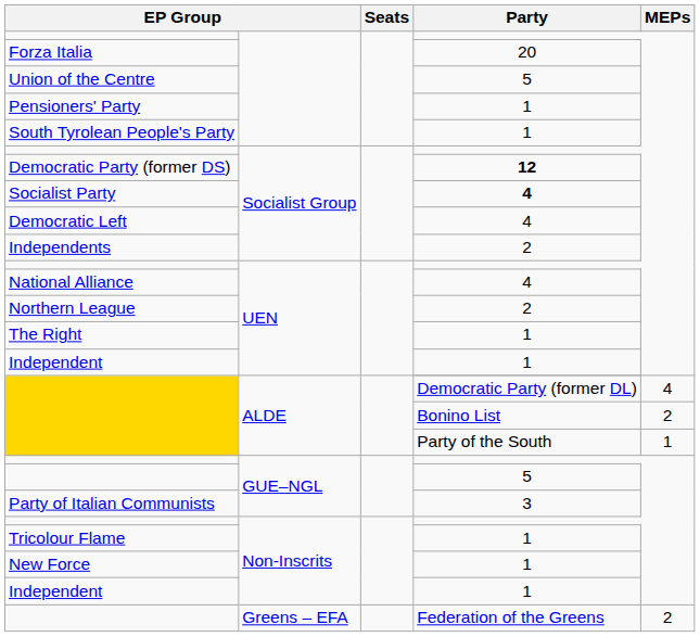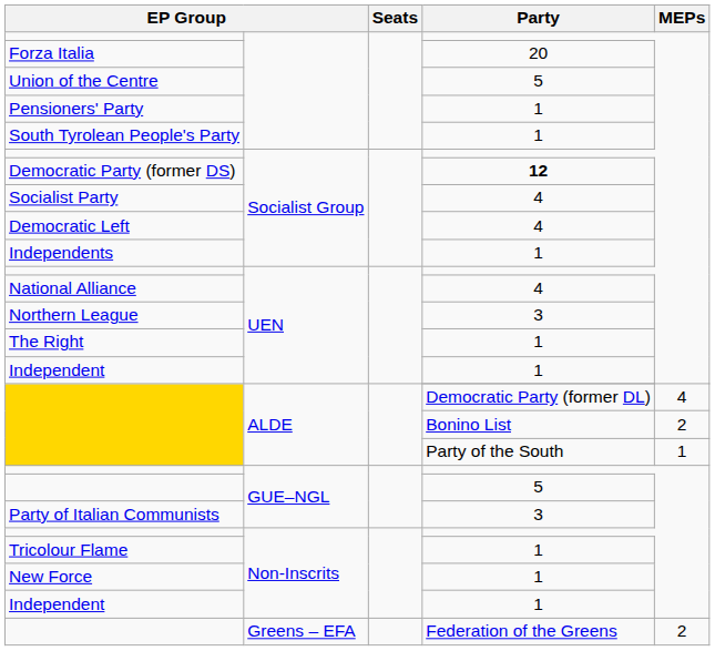 <table class="wikitable">
 <tr>
 <th colspan=2>EP Group</th>
 <th>Seats</th>
 <th>Party</th>
 <th>MEPs</th>
 </tr>
 <tr>
 <td></td>
 <td rowspan="5"></td>
 <td rowspan="5"></td>
 </tr>
 <tr>
 <td><a href='#'>Forza Italia</a></td>
 <td align=center>20</td>
 </tr>
 <tr>
 <td><a href='#'>Union of the Centre</a></td>
 <td align=center>5</td>
 </tr>
 <tr>
 <td><a href='#'>Pensioners' Party</a></td>
 <td align=center>1</td>
 </tr>
 <tr>
 <td><a href='#'>South Tyrolean People's Party</a></td>
 <td align=center>1</td>
 </tr>
 <tr>
 <td></td>
 <td rowspan="5"><a href='#'>Socialist Group</a></td>
 <td rowspan="5"></td>
 </tr>
 <tr>
 <td><a href='#'>Democratic Party</a> (former <a href='#'>DS</a>)</td>
 <td align=center><strong>12</strong></td>
 </tr>
 <tr>
 <td><a href='#'>Socialist Party</a></td>
-<td align=center><strong>4</strong></td>
+<td align=center>4</td>
 </tr>
 <tr>
 <td><a href='#'>Democratic Left</a></td>
 <td align=center>4</td>
 </tr>
 <tr>
 <td><a href='#'>Independents</a></td>
-<td align=center>2</td>
+<td align=center>1</td>
 </tr>
 <tr>
 <td></td>
 <td rowspan="5"><a href='#'>UEN</a></td>
 <td rowspan="5"></td>
 </tr>
 <tr>
 <td><a href='#'>National Alliance</a></td>
 <td align=center>4</td>
 </tr>
 <tr>
 <td><a href='#'>Northern League</a></td>
-<td align=center>2</td>
+<td align=center>3</td>
 </tr>
 <tr>
 <td><a href='#'>The Right</a></td>
 <td align=center>1</td>
 </tr>
 <tr>
 <td><a href='#'>Independent</a></td>
 <td align=center>1</td>
 </tr>
 <tr>
 <td bgcolor="gold" rowspan="4"></td>
 <td rowspan="4"><a href='#'>ALDE</a></td>
 <td rowspan="4"></td>
 </tr>
 <tr>
 <td><a href='#'>Democratic Party</a> (former <a href='#'>DL</a>)</td>
 <td align=center>4</td>
 </tr>
 <tr>
 <td><a href='#'>Bonino List</a></td>
 <td align=center>2</td>
 </tr>
 <tr>
 <td>Party of the South</td>
 <td align=center>1</td>
 </tr>
 <tr>
 <td></td>
 <td rowspan="3"><a href='#'>GUE–NGL</a></td>
 <td rowspan="3"></td>
 </tr>
 <tr>
 <td></td>
 <td align=center>5</td>
 </tr>
 <tr>
 <td><a href='#'>Party of Italian Communists</a></td>
 <td align=center>3</td>
 </tr>
 <tr>
 <td></td>
 <td rowspan="4"><a href='#'>Non-Inscrits</a></td>
 <td rowspan="4"></td>
 </tr>
 <tr>
 <td><a href='#'>Tricolour Flame</a></td>
 <td align=center>1</td>
 </tr>
 <tr>
 <td><a href='#'>New Force</a></td>
 <td align=center>1</td>
 </tr>
 <tr>
 <td><a href='#'>Independent</a></td>
 <td align=center>1</td>
 </tr>
 <tr>
 <td></td>
 <td><a href='#'>Greens – EFA</a></td>
 <td></td>
 <td><a href='#'>Federation of the Greens</a></td>
 <td align=center>2</td>
 </tr>
 </table>
